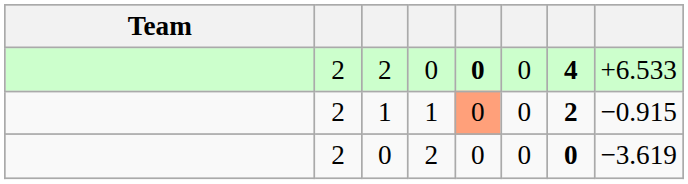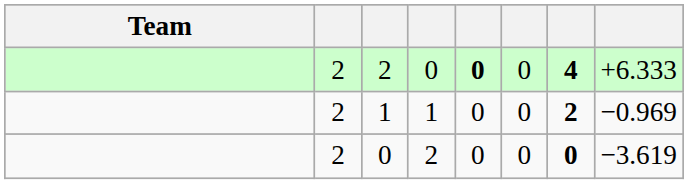 <table class="wikitable" style="text-align:center;">
 <tr>
 <th width=175>Team</th>
 <th style="width:20px;"></th>
 <th style="width:20px;"></th>
 <th style="width:20px;"></th>
 <th style="width:20px;"></th>
 <th style="width:20px;"></th>
 <th style="width:20px;"></th>
 <th style="width:20px;"></th>
 </tr>
 <tr style="solid green; background:#cfc;">
 <td style="text-align:left;"></td>
 <td>2</td>
 <td>2</td>
 <td>0</td>
 <td><strong>0</strong></td>
 <td>0</td>
 <td><strong>4</strong></td>
-<td>+6.533</td>
+<td>+6.333</td>
 </tr>
 <tr>
 <td style="text-align:left;"></td>
 <td>2</td>
 <td>1</td>
 <td>1</td>
-<td style="background: lightsalmon;">0</td>
+<td>0</td>
 <td>0</td>
 <td><strong>2</strong></td>
-<td>−0.915</td>
+<td>−0.969</td>
 </tr>
 <tr>
 <td style="text-align:left;"></td>
 <td>2</td>
 <td>0</td>
 <td>2</td>
 <td>0</td>
 <td>0</td>
 <td><strong>0</strong></td>
 <td>−3.619</td>
 </tr>
 </table>
